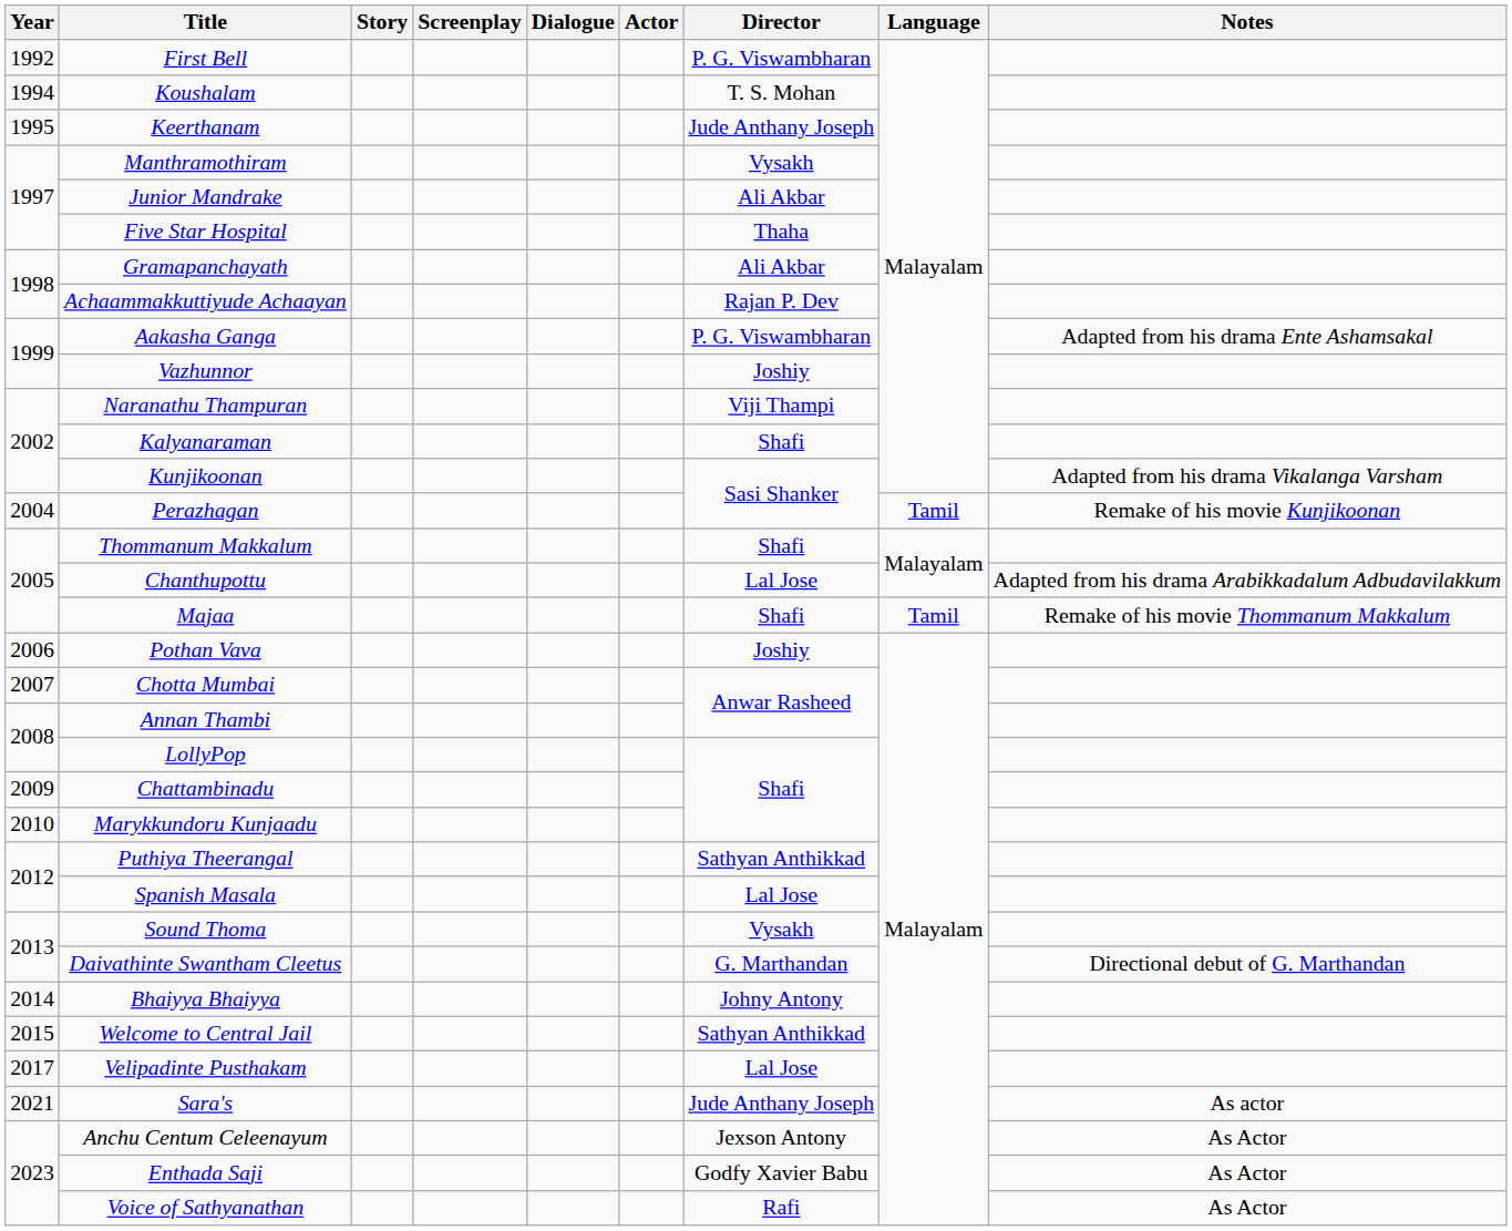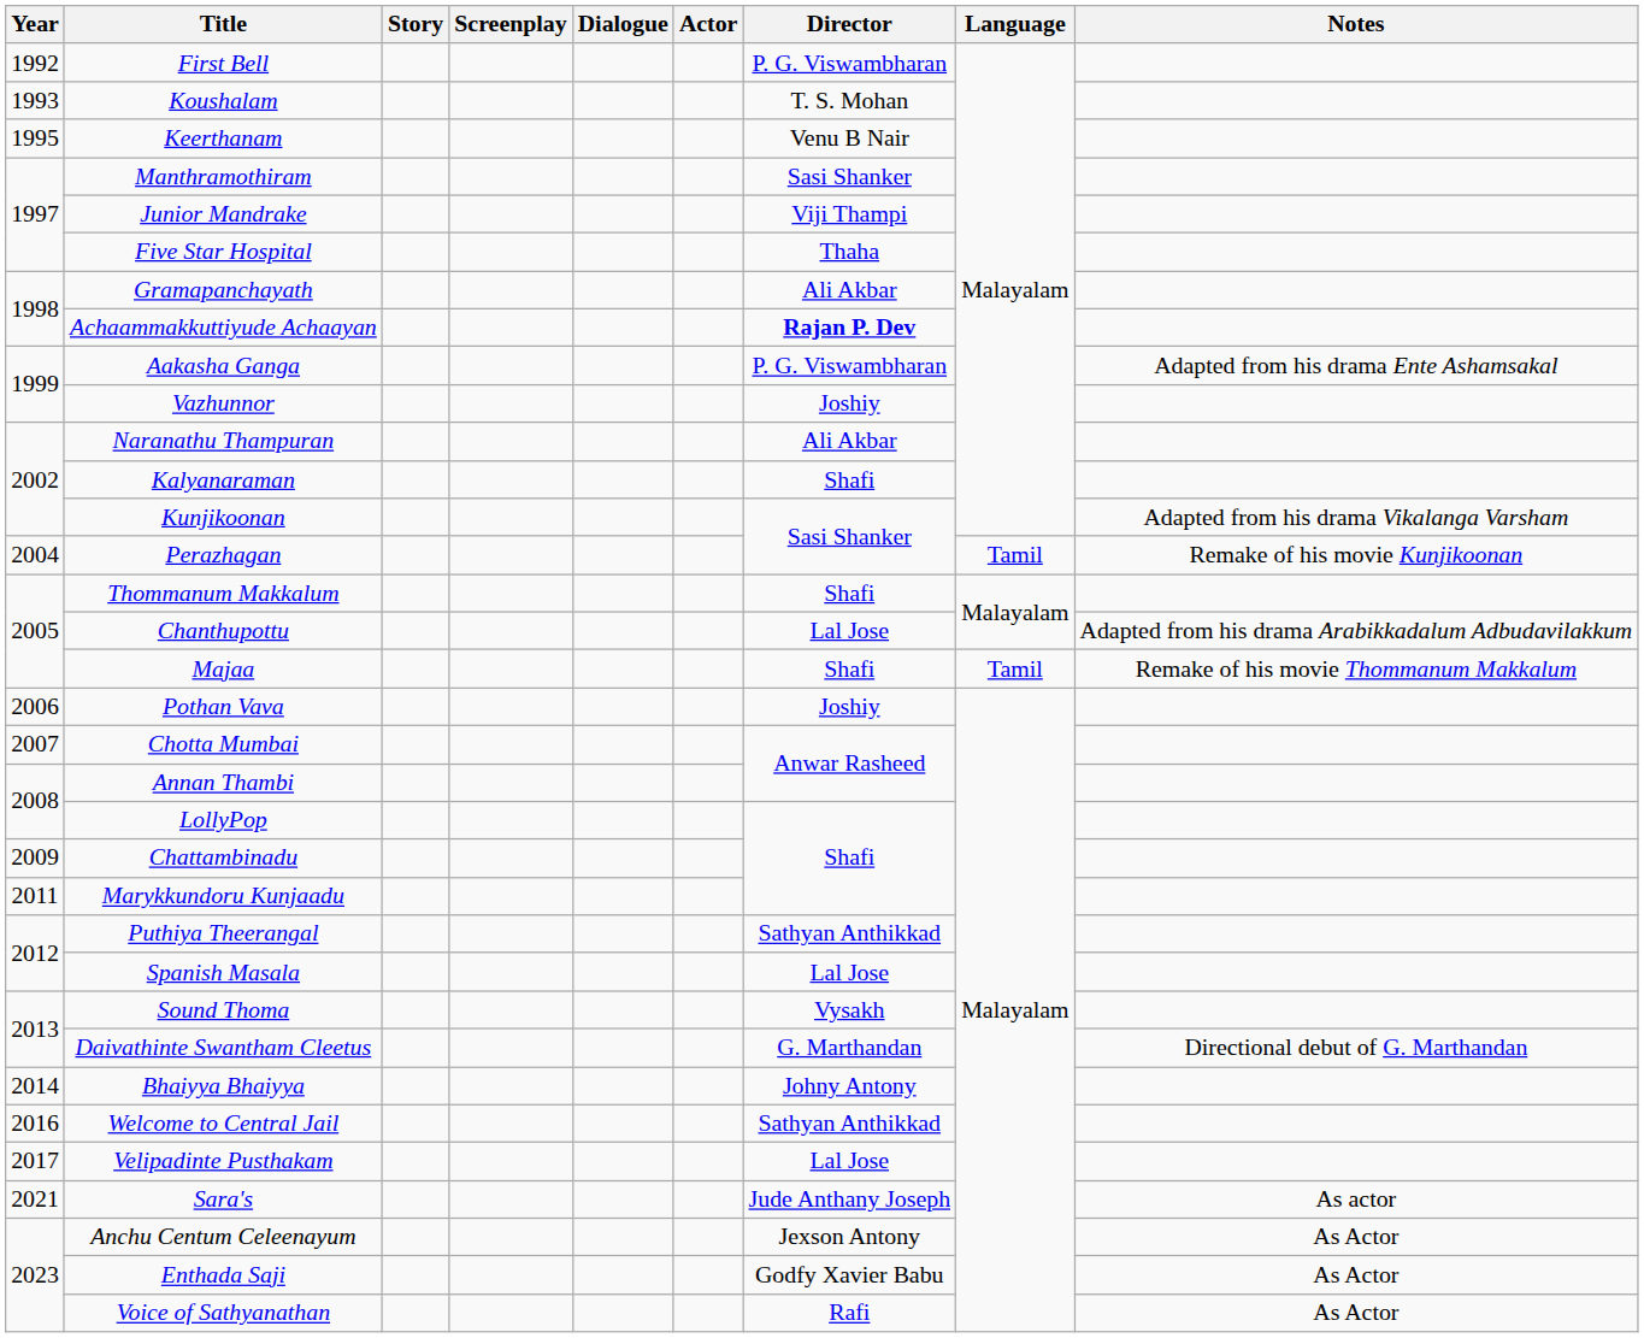 <table class="wikitable sortable" style="text-align:center">
 <tr>
 <th>Year</th>
 <th>Title</th>
 <th>Story</th>
 <th>Screenplay</th>
 <th>Dialogue</th>
 <th>Actor</th>
 <th>Director</th>
 <th>Language</th>
 <th>Notes</th>
 </tr>
 <tr>
 <td>1992</td>
 <td><em><a href='#'>First Bell</a></em></td>
 <td></td>
 <td></td>
 <td></td>
 <td></td>
 <td><a href='#'>P. G. Viswambharan</a></td>
 <td rowspan="13">Malayalam</td>
 <td></td>
 </tr>
 <tr>
-<td>1994</td>
+<td>1993</td>
 <td><em><a href='#'>Koushalam</a></em></td>
 <td></td>
 <td></td>
 <td></td>
 <td></td>
 <td>T. S. Mohan</td>
 <td></td>
 </tr>
 <tr>
 <td>1995</td>
 <td><em><a href='#'>Keerthanam</a></em></td>
 <td></td>
 <td></td>
 <td></td>
 <td></td>
-<td><a href='#'>Jude Anthany Joseph</a></td>
+<td>Venu B Nair</td>
 <td></td>
 </tr>
 <tr>
 <td rowspan="3">1997</td>
 <td><em><a href='#'>Manthramothiram</a></em></td>
 <td></td>
 <td></td>
 <td></td>
 <td></td>
-<td><a href='#'>Vysakh</a></td>
+<td><a href='#'>Sasi Shanker</a></td>
 <td></td>
 </tr>
 <tr>
 <td><em><a href='#'>Junior Mandrake</a></em></td>
 <td></td>
 <td></td>
 <td></td>
 <td></td>
-<td><a href='#'>Ali Akbar</a></td>
+<td><a href='#'>Viji Thampi</a></td>
 <td></td>
 </tr>
 <tr>
 <td><em><a href='#'>Five Star Hospital</a></em></td>
 <td></td>
 <td></td>
 <td></td>
 <td></td>
 <td><a href='#'>Thaha</a></td>
 <td></td>
 </tr>
 <tr>
 <td rowspan="2">1998</td>
 <td><em><a href='#'> Gramapanchayath</a></em></td>
 <td></td>
 <td></td>
 <td></td>
 <td></td>
 <td><a href='#'>Ali Akbar</a></td>
 <td></td>
 </tr>
 <tr>
 <td><em><a href='#'>Achaammakkuttiyude Achaayan</a></em></td>
 <td></td>
 <td></td>
 <td></td>
 <td></td>
-<td><a href='#'>Rajan P. Dev</a></td>
+<td><strong><a href='#'>Rajan P. Dev</a></strong></td>
 <td></td>
 </tr>
 <tr>
 <td rowspan="2">1999</td>
 <td><em><a href='#'>Aakasha Ganga</a></em></td>
 <td></td>
 <td></td>
 <td></td>
 <td></td>
 <td><a href='#'>P. G. Viswambharan</a></td>
 <td>Adapted from his drama <em>Ente Ashamsakal</em></td>
 </tr>
 <tr>
 <td><em><a href='#'>Vazhunnor</a></em></td>
 <td></td>
 <td></td>
 <td></td>
 <td></td>
 <td><a href='#'>Joshiy</a></td>
 <td></td>
 </tr>
 <tr>
 <td rowspan="3">2002</td>
 <td><em><a href='#'>Naranathu Thampuran</a></em></td>
 <td></td>
 <td></td>
 <td></td>
 <td></td>
-<td><a href='#'>Viji Thampi</a></td>
+<td><a href='#'>Ali Akbar</a></td>
 <td></td>
 </tr>
 <tr>
 <td><em><a href='#'>Kalyanaraman</a></em></td>
 <td></td>
 <td></td>
 <td></td>
 <td></td>
 <td><a href='#'>Shafi</a></td>
 <td></td>
 </tr>
 <tr>
 <td><em><a href='#'>Kunjikoonan</a></em></td>
 <td></td>
 <td></td>
 <td></td>
 <td></td>
 <td rowspan="2"><a href='#'>Sasi Shanker</a></td>
 <td>Adapted from his drama <em>Vikalanga Varsham</em></td>
 </tr>
 <tr>
 <td>2004</td>
 <td><em><a href='#'>Perazhagan</a></em></td>
 <td></td>
 <td></td>
 <td></td>
 <td></td>
 <td><a href='#'>Tamil</a></td>
 <td>Remake of his movie <em><a href='#'>Kunjikoonan</a></em></td>
 </tr>
 <tr>
 <td rowspan="3">2005</td>
 <td><em><a href='#'>Thommanum Makkalum</a></em></td>
 <td></td>
 <td></td>
 <td></td>
 <td></td>
 <td><a href='#'>Shafi</a></td>
 <td rowspan="2">Malayalam</td>
 <td></td>
 </tr>
 <tr>
 <td><em><a href='#'>Chanthupottu</a></em></td>
 <td></td>
 <td></td>
 <td></td>
 <td></td>
 <td><a href='#'>Lal Jose</a></td>
 <td>Adapted from his drama <em>Arabikkadalum Adbudavilakkum</em></td>
 </tr>
 <tr>
 <td><em><a href='#'>Majaa</a></em></td>
 <td></td>
 <td></td>
 <td></td>
 <td></td>
 <td><a href='#'>Shafi</a></td>
 <td><a href='#'>Tamil</a></td>
 <td>Remake of his movie <em><a href='#'>Thommanum Makkalum</a></em></td>
 </tr>
 <tr>
 <td>2006</td>
 <td><em><a href='#'>Pothan Vava</a></em></td>
 <td></td>
 <td></td>
 <td></td>
 <td></td>
 <td><a href='#'>Joshiy</a></td>
 <td rowspan="18">Malayalam</td>
 <td></td>
 </tr>
 <tr>
 <td>2007</td>
 <td><em><a href='#'>Chotta Mumbai</a></em></td>
 <td></td>
 <td></td>
 <td></td>
 <td></td>
 <td rowspan="2"><a href='#'>Anwar Rasheed</a></td>
 <td></td>
 </tr>
 <tr>
 <td rowspan="2">2008</td>
 <td><em><a href='#'>Annan Thambi</a></em></td>
 <td></td>
 <td></td>
 <td></td>
 <td></td>
 <td></td>
 </tr>
 <tr>
 <td><em><a href='#'>LollyPop</a></em></td>
 <td></td>
 <td></td>
 <td></td>
 <td></td>
 <td rowspan="3"><a href='#'>Shafi</a></td>
 <td></td>
 </tr>
 <tr>
 <td>2009</td>
 <td><em><a href='#'>Chattambinadu</a></em></td>
 <td></td>
 <td></td>
 <td></td>
 <td></td>
 <td></td>
 </tr>
 <tr>
-<td>2010</td>
+<td>2011</td>
 <td><em><a href='#'>Marykkundoru Kunjaadu</a></em></td>
 <td></td>
 <td></td>
 <td></td>
 <td></td>
 <td></td>
 </tr>
 <tr>
 <td rowspan="2">2012</td>
 <td><em><a href='#'>Puthiya Theerangal</a></em></td>
 <td></td>
 <td></td>
 <td></td>
 <td></td>
 <td><a href='#'>Sathyan Anthikkad</a></td>
 <td></td>
 </tr>
 <tr>
 <td><em><a href='#'>Spanish Masala</a></em></td>
 <td></td>
 <td></td>
 <td></td>
 <td></td>
 <td><a href='#'>Lal Jose</a></td>
 <td></td>
 </tr>
 <tr>
 <td rowspan="2">2013</td>
 <td><em><a href='#'>Sound Thoma</a></em></td>
 <td></td>
 <td></td>
 <td></td>
 <td></td>
 <td><a href='#'>Vysakh</a></td>
 <td></td>
 </tr>
 <tr>
 <td><em><a href='#'>Daivathinte Swantham Cleetus</a></em></td>
 <td></td>
 <td></td>
 <td></td>
 <td></td>
 <td><a href='#'>G. Marthandan</a></td>
 <td>Directional debut of <a href='#'>G. Marthandan</a></td>
 </tr>
 <tr>
 <td>2014</td>
 <td><em><a href='#'>Bhaiyya Bhaiyya</a></em></td>
 <td></td>
 <td></td>
 <td></td>
 <td></td>
 <td><a href='#'>Johny Antony</a></td>
 <td></td>
 </tr>
 <tr>
-<td>2015</td>
+<td>2016</td>
 <td><em><a href='#'>Welcome to Central Jail</a></em></td>
 <td></td>
 <td></td>
 <td></td>
 <td></td>
 <td><a href='#'>Sathyan Anthikkad</a></td>
 <td></td>
 </tr>
 <tr>
 <td>2017</td>
 <td><em><a href='#'>Velipadinte Pusthakam</a></em></td>
 <td></td>
 <td></td>
 <td></td>
 <td></td>
 <td><a href='#'>Lal Jose</a></td>
 <td></td>
 </tr>
 <tr>
 <td>2021</td>
 <td><em><a href='#'>Sara's</a></em></td>
 <td></td>
 <td></td>
 <td></td>
 <td></td>
 <td><a href='#'>Jude Anthany Joseph</a></td>
 <td>As actor</td>
 </tr>
 <tr>
 <td rowspan="3">2023</td>
 <td><em>Anchu Centum Celeenayum</em></td>
 <td></td>
 <td></td>
 <td></td>
 <td></td>
 <td>Jexson Antony</td>
 <td>As Actor</td>
 </tr>
 <tr>
 <td><em><a href='#'>Enthada Saji</a></em></td>
 <td></td>
 <td></td>
 <td></td>
 <td></td>
 <td>Godfy Xavier Babu</td>
 <td>As Actor</td>
 </tr>
 <tr>
 <td><em><a href='#'>Voice of Sathyanathan</a></em></td>
 <td></td>
 <td></td>
 <td></td>
 <td></td>
 <td><a href='#'>Rafi</a></td>
 <td>As Actor</td>
 </tr>
 </table>
